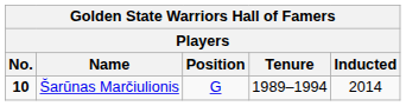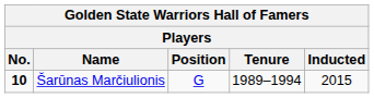 <table class="wikitable" style="text-align:center">
 <tr>
 <th colspan="5">Golden State Warriors Hall of Famers</th>
 </tr>
 <tr>
 <th colspan="5">Players</th>
 </tr>
 <tr>
 <th>No.</th>
 <th>Name</th>
 <th>Position</th>
 <th>Tenure</th>
 <th>Inducted</th>
 </tr>
 <tr>
 <td><strong>10</strong></td>
 <td><a href='#'>Šarūnas Marčiulionis</a></td>
 <td><a href='#'>G</a></td>
 <td>1989–1994</td>
-<td>2014</td>
+<td>2015</td>
 </tr>
 </table>
